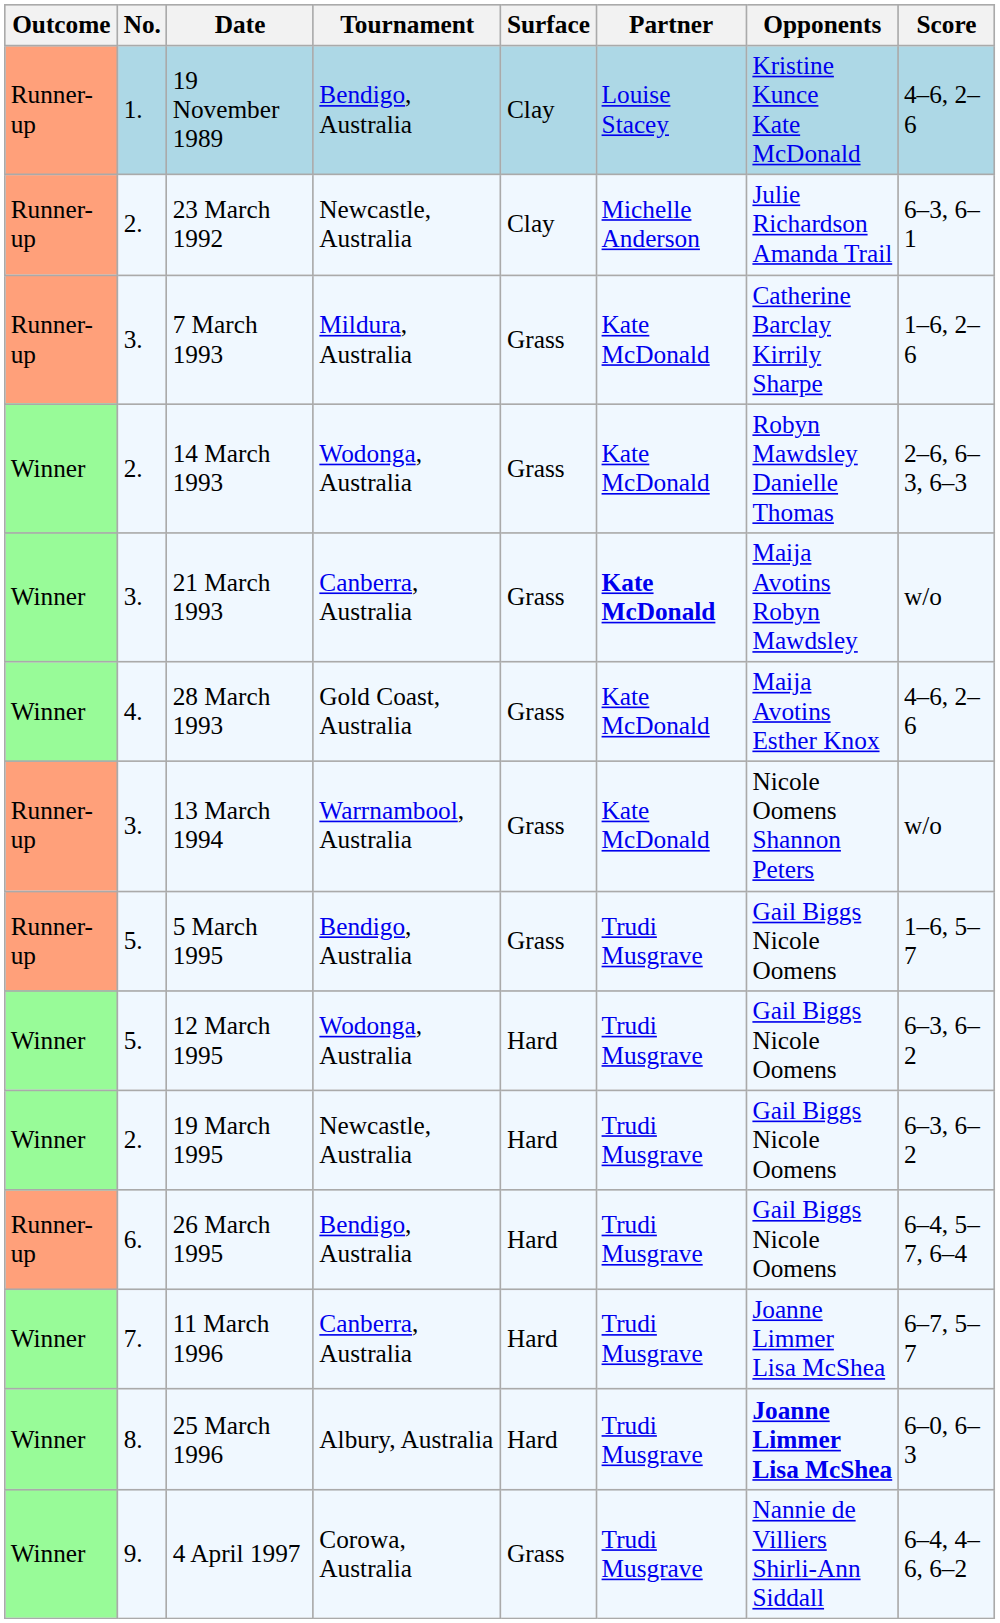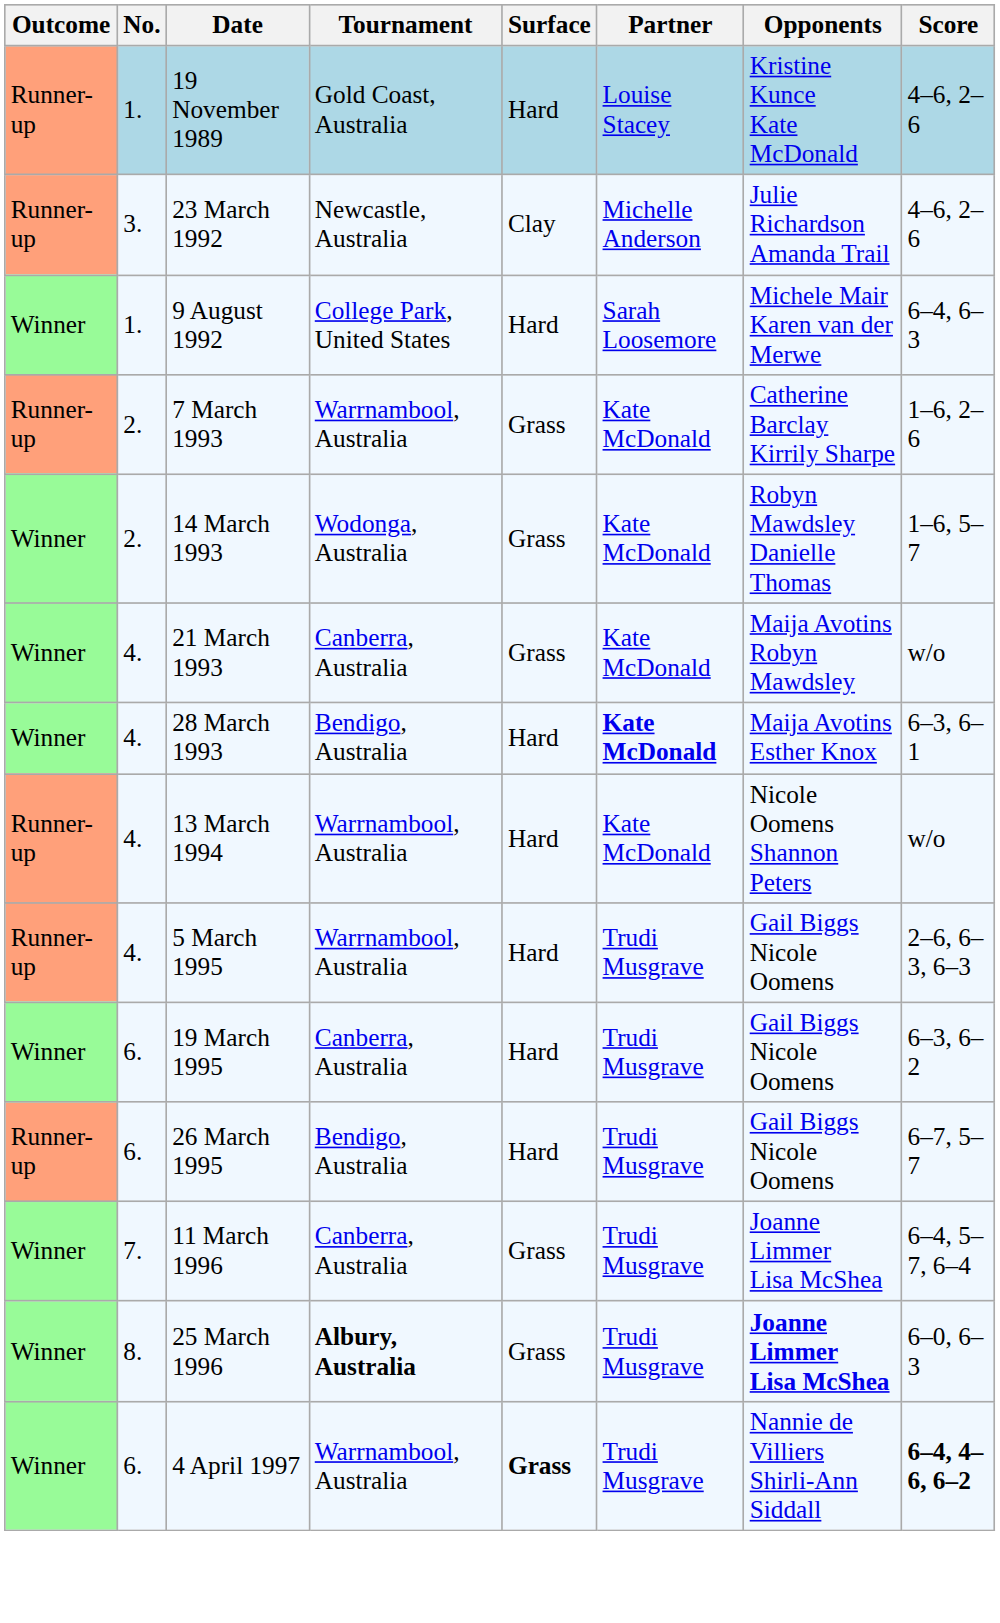 <table class="sortable wikitable" style=font-size:97%>
 <tr>
 <th>Outcome</th>
 <th>No.</th>
 <th>Date</th>
 <th>Tournament</th>
 <th>Surface</th>
 <th>Partner</th>
 <th>Opponents</th>
 <th>Score</th>
 </tr>
 <tr style="background:lightblue">
 <td style="background:#ffa07a;">Runner-up</td>
 <td>1.</td>
 <td>19 November 1989</td>
-<td><a href='#'>Bendigo</a>, Australia</td>
-<td>Clay</td>
+<td>Gold Coast, Australia</td>
+<td>Hard</td>
 <td> <a href='#'>Louise Stacey</a></td>
 <td> <a href='#'>Kristine Kunce</a> <br>  <a href='#'>Kate McDonald</a></td>
 <td>4–6, 2–6</td>
 </tr>
 <tr style="background:#f0f8ff;">
 <td style="background:#ffa07a;">Runner-up</td>
-<td>2.</td>
+<td>3.</td>
 <td>23 March 1992</td>
 <td>Newcastle, Australia</td>
 <td>Clay</td>
 <td> <a href='#'>Michelle Anderson</a></td>
 <td> <a href='#'>Julie Richardson</a> <br>  <a href='#'>Amanda Trail</a></td>
-<td>6–3, 6–1</td>
+<td>4–6, 2–6</td>
+</tr>
+<tr bgcolor="#f0f8ff">
+<td bgcolor="98FB98">Winner</td>
+<td>1.</td>
+<td>9 August 1992</td>
+<td><a href='#'>College Park</a>, United States</td>
+<td>Hard</td>
+<td> <a href='#'>Sarah Loosemore</a></td>
+<td> <a href='#'>Michele Mair</a><br> <a href='#'>Karen van der Merwe</a></td>
+<td>6–4, 6–3</td>
 </tr>
 <tr bgcolor="#f0f8ff">
 <td style="background:#ffa07a;">Runner-up</td>
-<td>3.</td>
+<td>2.</td>
 <td>7 March 1993</td>
-<td><a href='#'>Mildura</a>, Australia</td>
+<td><a href='#'>Warrnambool</a>, Australia</td>
 <td>Grass</td>
 <td> <a href='#'>Kate McDonald</a></td>
 <td> <a href='#'>Catherine Barclay</a> <br>  <a href='#'>Kirrily Sharpe</a></td>
 <td>1–6, 2–6</td>
 </tr>
 <tr style="background:#f0f8ff;">
 <td bgcolor="98FB98">Winner</td>
 <td>2.</td>
 <td>14 March 1993</td>
 <td><a href='#'>Wodonga</a>, Australia</td>
 <td>Grass</td>
 <td> <a href='#'>Kate McDonald</a></td>
 <td> <a href='#'>Robyn Mawdsley</a> <br>  <a href='#'>Danielle Thomas</a></td>
-<td>2–6, 6–3, 6–3</td>
+<td>1–6, 5–7</td>
 </tr>
 <tr bgcolor=#f0f8ff>
 <td bgcolor="98FB98">Winner</td>
-<td>3.</td>
+<td>4.</td>
 <td>21 March 1993</td>
 <td><a href='#'>Canberra</a>, Australia</td>
 <td>Grass</td>
-<td><strong> <a href='#'>Kate McDonald</a></strong></td>
+<td> <a href='#'>Kate McDonald</a></td>
 <td> <a href='#'>Maija Avotins</a> <br> <a href='#'>Robyn Mawdsley</a></td>
 <td>w/o</td>
 </tr>
 <tr bgcolor=#f0f8ff>
 <td bgcolor="98FB98">Winner</td>
 <td>4.</td>
 <td>28 March 1993</td>
-<td>Gold Coast, Australia</td>
-<td>Grass</td>
-<td> <a href='#'>Kate McDonald</a></td>
+<td><a href='#'>Bendigo</a>, Australia</td>
+<td>Hard</td>
+<td><strong> <a href='#'>Kate McDonald</a></strong></td>
 <td> <a href='#'>Maija Avotins</a> <br> <a href='#'>Esther Knox</a></td>
-<td>4–6, 2–6</td>
+<td>6–3, 6–1</td>
 </tr>
 <tr bgcolor="#f0f8ff">
 <td style="background:#ffa07a;">Runner-up</td>
-<td>3.</td>
+<td>4.</td>
 <td>13 March 1994</td>
 <td><a href='#'>Warrnambool</a>, Australia</td>
-<td>Grass</td>
+<td>Hard</td>
 <td> <a href='#'>Kate McDonald</a></td>
 <td> Nicole Oomens <br>  <a href='#'>Shannon Peters</a></td>
 <td>w/o</td>
 </tr>
 <tr style="background:#f0f8ff;">
 <td style="background:#ffa07a;">Runner-up</td>
-<td>5.</td>
+<td>4.</td>
 <td>5 March 1995</td>
-<td><a href='#'>Bendigo</a>, Australia</td>
-<td>Grass</td>
+<td><a href='#'>Warrnambool</a>, Australia</td>
+<td>Hard</td>
 <td> <a href='#'>Trudi Musgrave</a></td>
 <td> <a href='#'>Gail Biggs</a> <br>  Nicole Oomens</td>
-<td>1–6, 5–7</td>
+<td>2–6, 6–3, 6–3</td>
 </tr>
 <tr style="background:#f0f8ff;">
 <td style="background:#98fb98;">Winner</td>
-<td>5.</td>
-<td>12 March 1995</td>
-<td><a href='#'>Wodonga</a>, Australia</td>
-<td>Hard</td>
-<td> <a href='#'>Trudi Musgrave</a></td>
-<td> <a href='#'>Gail Biggs</a> <br>  Nicole Oomens</td>
-<td>6–3, 6–2</td>
-</tr>
-<tr style="background:#f0f8ff;">
-<td style="background:#98fb98;">Winner</td>
-<td>2.</td>
+<td>6.</td>
 <td>19 March 1995</td>
-<td>Newcastle, Australia</td>
+<td><a href='#'>Canberra</a>, Australia</td>
 <td>Hard</td>
 <td> <a href='#'>Trudi Musgrave</a></td>
 <td> <a href='#'>Gail Biggs</a> <br>  Nicole Oomens</td>
 <td>6–3, 6–2</td>
 </tr>
 <tr style="background:#f0f8ff;">
 <td style="background:#ffa07a;">Runner-up</td>
 <td>6.</td>
 <td>26 March 1995</td>
 <td><a href='#'>Bendigo</a>, Australia</td>
 <td>Hard</td>
 <td> <a href='#'>Trudi Musgrave</a></td>
 <td> <a href='#'>Gail Biggs</a> <br>  Nicole Oomens</td>
-<td>6–4, 5–7, 6–4</td>
+<td>6–7, 5–7</td>
 </tr>
 <tr style="background:#f0f8ff;">
 <td style="background:#98fb98;">Winner</td>
 <td>7.</td>
 <td>11 March 1996</td>
 <td><a href='#'>Canberra</a>, Australia</td>
-<td>Hard</td>
+<td>Grass</td>
 <td> <a href='#'>Trudi Musgrave</a></td>
 <td> <a href='#'>Joanne Limmer</a> <br>  <a href='#'>Lisa McShea</a></td>
-<td>6–7, 5–7</td>
+<td>6–4, 5–7, 6–4</td>
 </tr>
 <tr style="background:#f0f8ff;">
 <td style="background:#98fb98;">Winner</td>
 <td>8.</td>
 <td>25 March 1996</td>
-<td>Albury, Australia</td>
-<td>Hard</td>
+<td><strong>Albury, Australia</strong></td>
+<td>Grass</td>
 <td> <a href='#'>Trudi Musgrave</a></td>
 <td><strong> <a href='#'>Joanne Limmer</a> <br>  <a href='#'>Lisa McShea</a></strong></td>
 <td>6–0, 6–3</td>
 </tr>
 <tr style="background:#f0f8ff;">
 <td style="background:#98fb98;">Winner</td>
-<td>9.</td>
+<td>6.</td>
 <td>4 April 1997</td>
-<td>Corowa, Australia</td>
-<td>Grass</td>
+<td><a href='#'>Warrnambool</a>, Australia</td>
+<td><strong>Grass</strong></td>
 <td> <a href='#'>Trudi Musgrave</a></td>
 <td> <a href='#'>Nannie de Villiers</a> <br>  <a href='#'>Shirli-Ann Siddall</a></td>
-<td>6–4, 4–6, 6–2</td>
+<td><strong>6–4, 4–6, 6–2</strong></td>
 </tr>
 </table>
